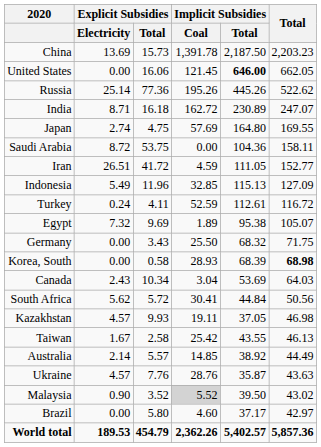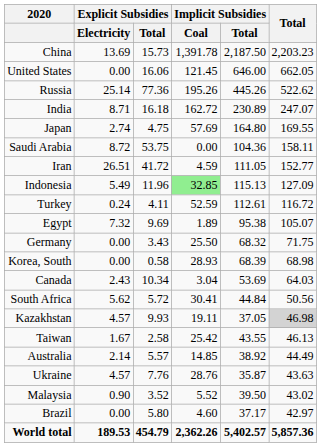 <table class="wikitable sortable tpl-blanktable plainrowheaders" style="text-align:right;">
 <tr>
 <th>2020</th>
 <th colspan="2">Explicit Subsidies</th>
 <th colspan="2">Implicit Subsidies</th>
 <th rowspan="2">Total</th>
 </tr>
 <tr>
 <th></th>
 <th>Electricity</th>
 <th>Total</th>
 <th>Coal</th>
 <th>Total</th>
 </tr>
 <tr>
 <td>China</td>
 <td>13.69</td>
 <td>15.73</td>
 <td>1,391.78</td>
 <td>2,187.50</td>
 <td>2,203.23</td>
 </tr>
 <tr>
 <td>United States</td>
 <td>0.00</td>
 <td>16.06</td>
 <td>121.45</td>
-<td><strong>646.00</strong></td>
+<td>646.00</td>
 <td>662.05</td>
 </tr>
 <tr>
 <td>Russia</td>
 <td>25.14</td>
 <td>77.36</td>
 <td>195.26</td>
 <td>445.26</td>
 <td>522.62</td>
 </tr>
 <tr>
 <td>India</td>
 <td>8.71</td>
 <td>16.18</td>
 <td>162.72</td>
 <td>230.89</td>
 <td>247.07</td>
 </tr>
 <tr>
 <td>Japan</td>
 <td>2.74</td>
 <td>4.75</td>
 <td>57.69</td>
 <td>164.80</td>
 <td>169.55</td>
 </tr>
 <tr>
 <td>Saudi Arabia</td>
 <td>8.72</td>
 <td>53.75</td>
 <td>0.00</td>
 <td>104.36</td>
 <td>158.11</td>
 </tr>
 <tr>
 <td>Iran</td>
 <td>26.51</td>
 <td>41.72</td>
 <td>4.59</td>
 <td>111.05</td>
 <td>152.77</td>
 </tr>
 <tr>
 <td>Indonesia</td>
 <td>5.49</td>
 <td>11.96</td>
-<td>32.85</td>
+<td style="background: lightgreen;">32.85</td>
 <td>115.13</td>
 <td>127.09</td>
 </tr>
 <tr>
 <td>Turkey</td>
 <td>0.24</td>
 <td>4.11</td>
 <td>52.59</td>
 <td>112.61</td>
 <td>116.72</td>
 </tr>
 <tr>
 <td>Egypt</td>
 <td>7.32</td>
 <td>9.69</td>
 <td>1.89</td>
 <td>95.38</td>
 <td>105.07</td>
 </tr>
 <tr>
 <td>Germany</td>
 <td>0.00</td>
 <td>3.43</td>
 <td>25.50</td>
 <td>68.32</td>
 <td>71.75</td>
 </tr>
 <tr>
 <td>Korea, South</td>
 <td>0.00</td>
 <td>0.58</td>
 <td>28.93</td>
 <td>68.39</td>
-<td><strong>68.98</strong></td>
+<td>68.98</td>
 </tr>
 <tr>
 <td>Canada</td>
 <td>2.43</td>
 <td>10.34</td>
 <td>3.04</td>
 <td>53.69</td>
 <td>64.03</td>
 </tr>
 <tr>
 <td>South Africa</td>
 <td>5.62</td>
 <td>5.72</td>
 <td>30.41</td>
 <td>44.84</td>
 <td>50.56</td>
 </tr>
 <tr>
 <td>Kazakhstan</td>
 <td>4.57</td>
 <td>9.93</td>
 <td>19.11</td>
 <td>37.05</td>
-<td>46.98</td>
+<td style="background: lightgrey;">46.98</td>
 </tr>
 <tr>
 <td>Taiwan</td>
 <td>1.67</td>
 <td>2.58</td>
 <td>25.42</td>
 <td>43.55</td>
 <td>46.13</td>
 </tr>
 <tr>
 <td>Australia</td>
 <td>2.14</td>
 <td>5.57</td>
 <td>14.85</td>
 <td>38.92</td>
 <td>44.49</td>
 </tr>
 <tr>
 <td>Ukraine</td>
 <td>4.57</td>
 <td>7.76</td>
 <td>28.76</td>
 <td>35.87</td>
 <td>43.63</td>
 </tr>
 <tr>
 <td>Malaysia</td>
 <td>0.90</td>
 <td>3.52</td>
-<td style="background: lightgrey;">5.52</td>
+<td>5.52</td>
 <td>39.50</td>
 <td>43.02</td>
 </tr>
 <tr>
 <td>Brazil</td>
 <td>0.00</td>
 <td>5.80</td>
 <td>4.60</td>
 <td>37.17</td>
 <td>42.97</td>
 </tr>
 <tr class="sortbottom" style="font-weight:bold;">
 <td>World total</td>
 <td>189.53</td>
 <td>454.79</td>
 <td>2,362.26</td>
 <td>5,402.57</td>
 <td>5,857.36</td>
 </tr>
 </table>
